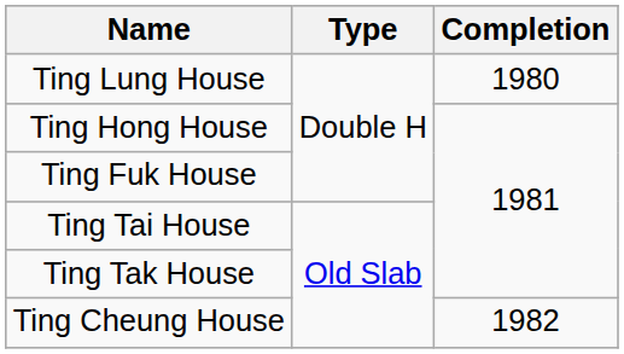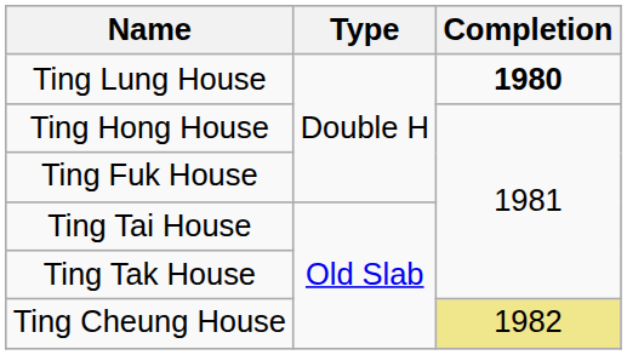 <table class="wikitable" style="text-align: center">
 <tr>
 <th>Name</th>
 <th>Type</th>
 <th>Completion</th>
 </tr>
 <tr>
 <td>Ting Lung House</td>
 <td rowspan="3">Double H</td>
-<td>1980</td>
+<td><strong>1980</strong></td>
 </tr>
 <tr>
 <td>Ting Hong House</td>
 <td rowspan="4">1981</td>
 </tr>
 <tr>
 <td>Ting Fuk House</td>
 </tr>
 <tr>
 <td>Ting Tai House</td>
 <td rowspan="3"><a href='#'>Old Slab</a></td>
 </tr>
 <tr>
 <td>Ting Tak House</td>
 </tr>
 <tr>
 <td>Ting Cheung House</td>
-<td>1982</td>
+<td style="background: khaki;">1982</td>
 </tr>
 </table>
